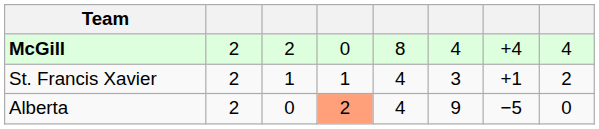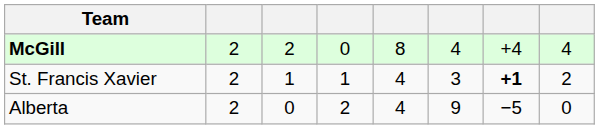 <table class="wikitable" style="text-align:center;">
 <tr>
 <th width=165>Team</th>
 <th width=40></th>
 <th width=40></th>
 <th width=40></th>
 <th width=40></th>
 <th width=40></th>
 <th width=40></th>
 <th width=40></th>
 </tr>
 <tr style="background:#ddffdd">
 <td style="text-align:left;"><strong>McGill</strong></td>
 <td>2</td>
 <td>2</td>
 <td>0</td>
 <td>8</td>
 <td>4</td>
 <td>+4</td>
 <td>4</td>
 </tr>
 <tr>
 <td style="text-align:left;">St. Francis Xavier</td>
 <td>2</td>
 <td>1</td>
 <td>1</td>
 <td>4</td>
 <td>3</td>
-<td>+1</td>
+<td><strong>+1</strong></td>
 <td>2</td>
 </tr>
 <tr>
 <td style="text-align:left;">Alberta</td>
 <td>2</td>
 <td>0</td>
-<td style="background: lightsalmon;">2</td>
+<td>2</td>
 <td>4</td>
 <td>9</td>
 <td>−5</td>
 <td>0</td>
 </tr>
 </table>
